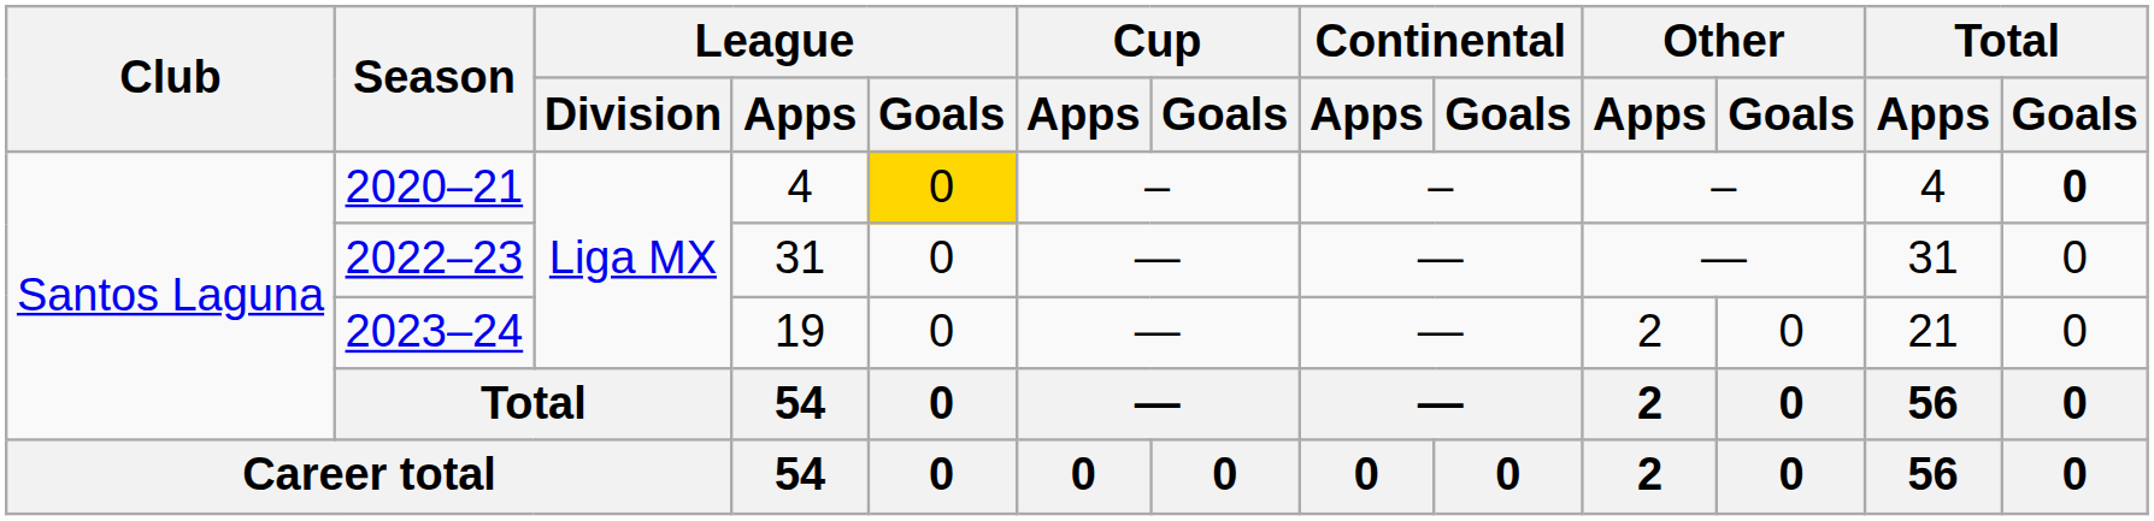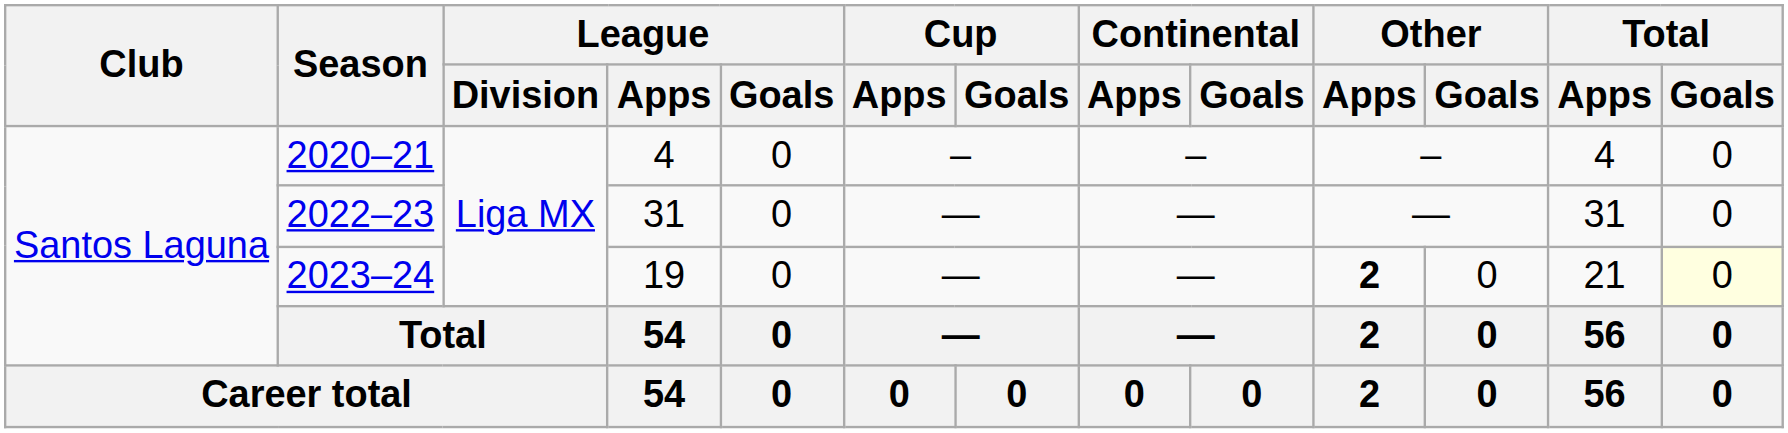 <table class="wikitable" style="text-align: center">
 <tr>
 <th rowspan="2">Club</th>
 <th rowspan="2">Season</th>
 <th colspan="3">League</th>
 <th colspan="2">Cup</th>
 <th colspan="2">Continental</th>
 <th colspan="2">Other</th>
 <th colspan="2">Total</th>
 </tr>
 <tr>
 <th>Division</th>
 <th>Apps</th>
 <th>Goals</th>
 <th>Apps</th>
 <th>Goals</th>
 <th>Apps</th>
 <th>Goals</th>
 <th>Apps</th>
 <th>Goals</th>
 <th>Apps</th>
 <th>Goals</th>
 </tr>
 <tr>
 <td rowspan="4"><a href='#'>Santos Laguna</a></td>
 <td><a href='#'>2020–21</a></td>
 <td rowspan="3"><a href='#'>Liga MX</a></td>
 <td>4</td>
-<td style="background: gold;">0</td>
+<td>0</td>
 <td colspan="2">–</td>
 <td colspan="2">–</td>
 <td colspan="2">–</td>
 <td>4</td>
-<td><strong>0</strong></td>
+<td>0</td>
 </tr>
 <tr>
 <td><a href='#'>2022–23</a></td>
 <td>31</td>
 <td>0</td>
 <td colspan=2>—</td>
 <td colspan=2>—</td>
 <td colspan=2>—</td>
 <td>31</td>
 <td>0</td>
 </tr>
 <tr>
 <td><a href='#'>2023–24</a></td>
 <td>19</td>
 <td>0</td>
 <td colspan=2>—</td>
 <td colspan=2>—</td>
-<td>2</td>
+<td><strong>2</strong></td>
 <td>0</td>
 <td>21</td>
-<td>0</td>
+<td style="background: lightyellow;">0</td>
 </tr>
 <tr>
 <th colspan="2">Total</th>
 <th>54</th>
 <th>0</th>
 <th colspan="2">—</th>
 <th colspan="2">—</th>
 <th>2</th>
 <th>0</th>
 <th>56</th>
 <th>0</th>
 </tr>
 <tr>
 <th colspan="3"><strong>Career total</strong></th>
 <th>54</th>
 <th>0</th>
 <th>0</th>
 <th>0</th>
 <th>0</th>
 <th>0</th>
 <th>2</th>
 <th>0</th>
 <th>56</th>
 <th>0</th>
 </tr>
 </table>
